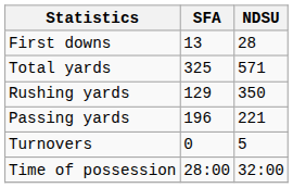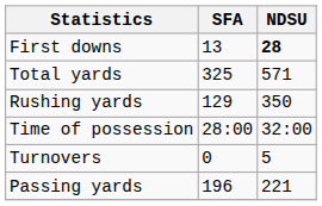 <table class="wikitable" style="float: left;">
 <tr>
 <th>Statistics</th>
 <th>SFA</th>
 <th>NDSU</th>
 </tr>
 <tr>
 <td>First downs</td>
 <td>13</td>
-<td>28</td>
+<td><strong>28</strong></td>
 </tr>
 <tr>
 <td>Total yards</td>
 <td>325</td>
 <td>571</td>
 </tr>
 <tr>
 <td>Rushing yards</td>
 <td>129</td>
 <td>350</td>
 </tr>
 <tr>
-<td>Passing yards</td>
-<td>196</td>
-<td>221</td>
+<td>Time of possession</td>
+<td>28:00</td>
+<td>32:00</td>
 </tr>
 <tr>
 <td>Turnovers</td>
 <td>0</td>
 <td>5</td>
 </tr>
 <tr>
-<td>Time of possession</td>
-<td>28:00</td>
-<td>32:00</td>
+<td>Passing yards</td>
+<td>196</td>
+<td>221</td>
 </tr>
 <tr>
 </tr>
 </table>
